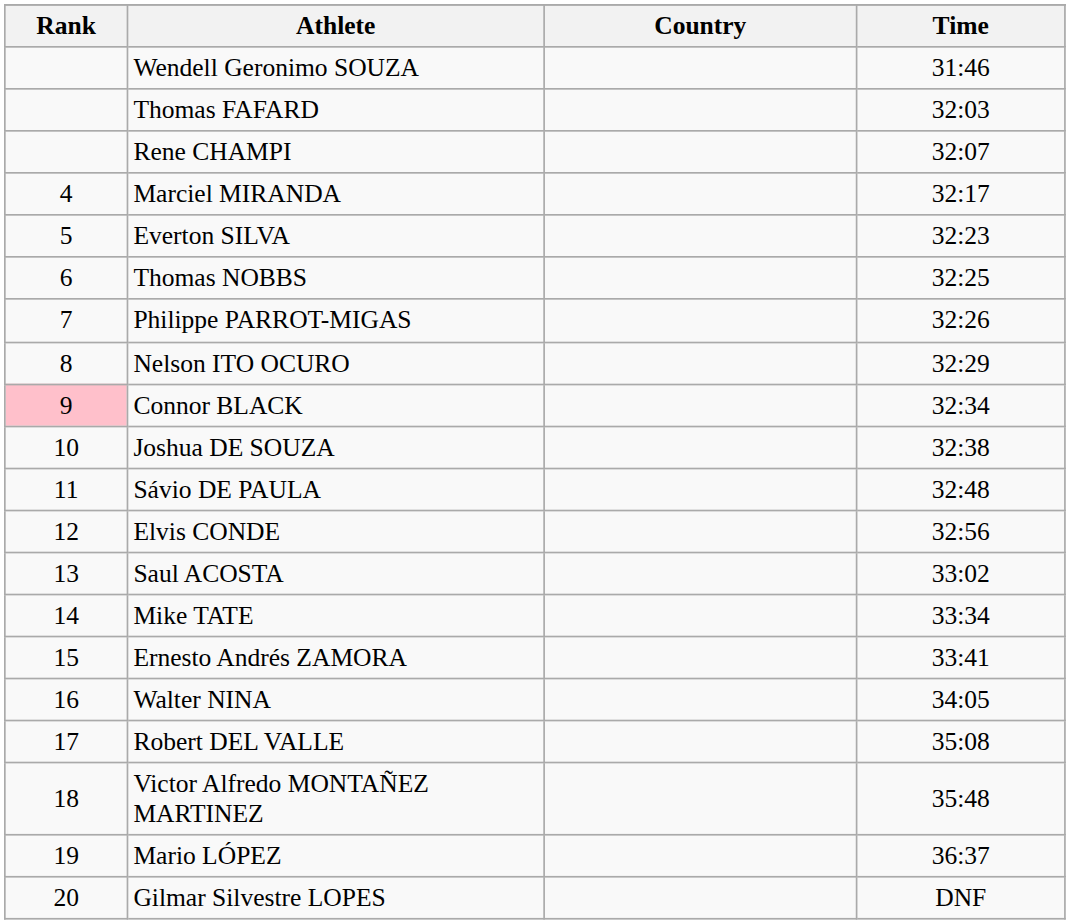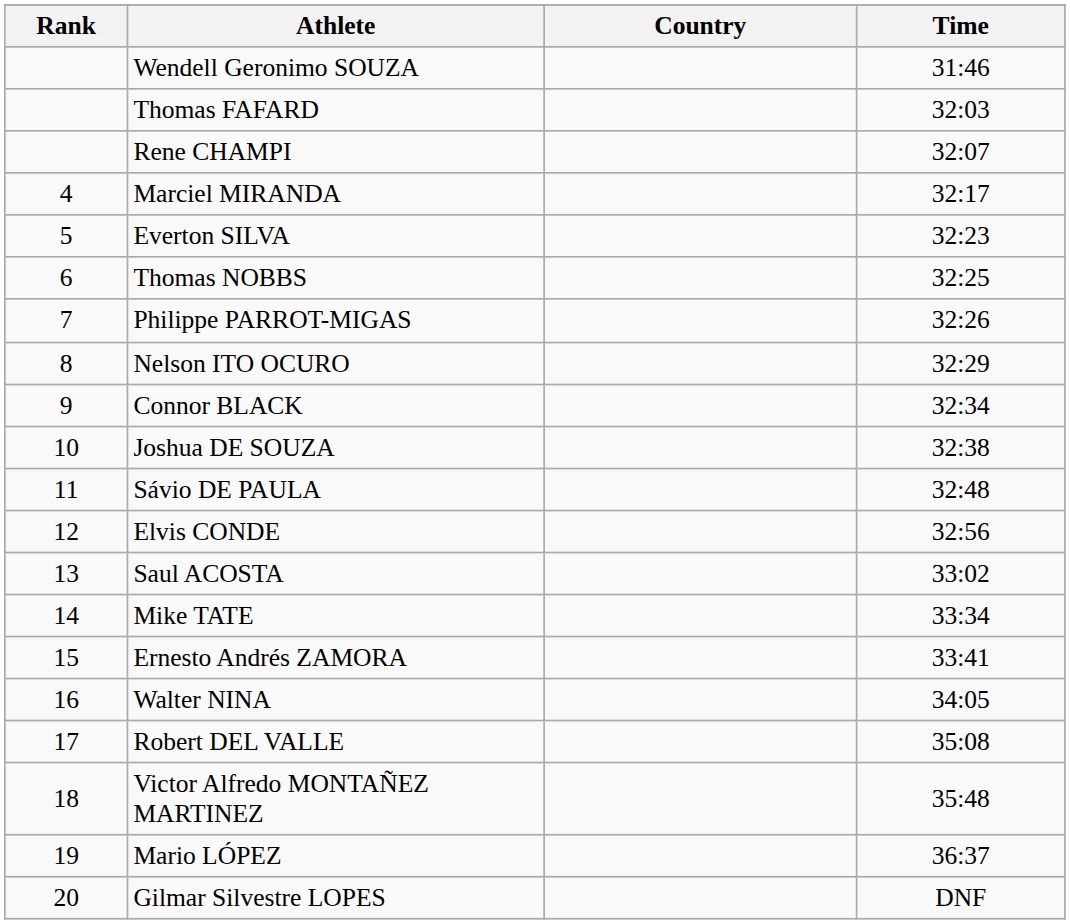 <table class="wikitable sortable" style=" text-align:center; font-size:95%;" width="50%">
 <tr>
 </tr>
 <tr>
 <th width=5%>Rank</th>
 <th width=20%>Athlete</th>
 <th width=15%>Country</th>
 <th width=10%>Time</th>
 </tr>
 <tr>
 <td align=center></td>
 <td align=left>Wendell Geronimo SOUZA</td>
 <td align=left></td>
 <td>31:46</td>
 </tr>
 <tr>
 <td align=center></td>
 <td align=left>Thomas FAFARD</td>
 <td align=left></td>
 <td>32:03</td>
 </tr>
 <tr>
 <td align=center></td>
 <td align=left>Rene CHAMPI</td>
 <td align=left></td>
 <td>32:07</td>
 </tr>
 <tr>
 <td align=center>4</td>
 <td align=left>Marciel MIRANDA</td>
 <td align=left></td>
 <td>32:17</td>
 </tr>
 <tr>
 <td align=center>5</td>
 <td align=left>Everton SILVA</td>
 <td align=left></td>
 <td>32:23</td>
 </tr>
 <tr>
 <td align=center>6</td>
 <td align=left>Thomas NOBBS</td>
 <td align=left></td>
 <td>32:25</td>
 </tr>
 <tr>
 <td align=center>7</td>
 <td align=left>Philippe PARROT-MIGAS</td>
 <td align=left></td>
 <td>32:26</td>
 </tr>
 <tr>
 <td align=center>8</td>
 <td align=left>Nelson ITO OCURO</td>
 <td align=left></td>
 <td>32:29</td>
 </tr>
 <tr>
-<td align=center style="background: pink;">9</td>
+<td align=center>9</td>
 <td align=left>Connor BLACK</td>
 <td align=left></td>
 <td>32:34</td>
 </tr>
 <tr>
 <td align=center>10</td>
 <td align=left>Joshua DE SOUZA</td>
 <td align=left></td>
 <td>32:38</td>
 </tr>
 <tr>
 <td align=center>11</td>
 <td align=left>Sávio DE PAULA</td>
 <td align=left></td>
 <td>32:48</td>
 </tr>
 <tr>
 <td align=center>12</td>
 <td align=left>Elvis CONDE</td>
 <td align=left></td>
 <td>32:56</td>
 </tr>
 <tr>
 <td align=center>13</td>
 <td align=left>Saul ACOSTA</td>
 <td align=left></td>
 <td>33:02</td>
 </tr>
 <tr>
 <td align=center>14</td>
 <td align=left>Mike TATE</td>
 <td align=left></td>
 <td>33:34</td>
 </tr>
 <tr>
 <td align=center>15</td>
 <td align=left>Ernesto Andrés ZAMORA</td>
 <td align=left></td>
 <td>33:41</td>
 </tr>
 <tr>
 <td align=center>16</td>
 <td align=left>Walter NINA</td>
 <td align=left></td>
 <td>34:05</td>
 </tr>
 <tr>
 <td align=center>17</td>
 <td align=left>Robert DEL VALLE</td>
 <td align=left></td>
 <td>35:08</td>
 </tr>
 <tr>
 <td align=center>18</td>
 <td align=left>Victor Alfredo MONTAÑEZ MARTINEZ</td>
 <td align=left></td>
 <td>35:48</td>
 </tr>
 <tr>
 <td align=center>19</td>
 <td align=left>Mario LÓPEZ</td>
 <td align=left></td>
 <td>36:37</td>
 </tr>
 <tr>
 <td align=center>20</td>
 <td align=left>Gilmar Silvestre LOPES</td>
 <td align=left></td>
 <td>DNF</td>
 </tr>
 </table>
